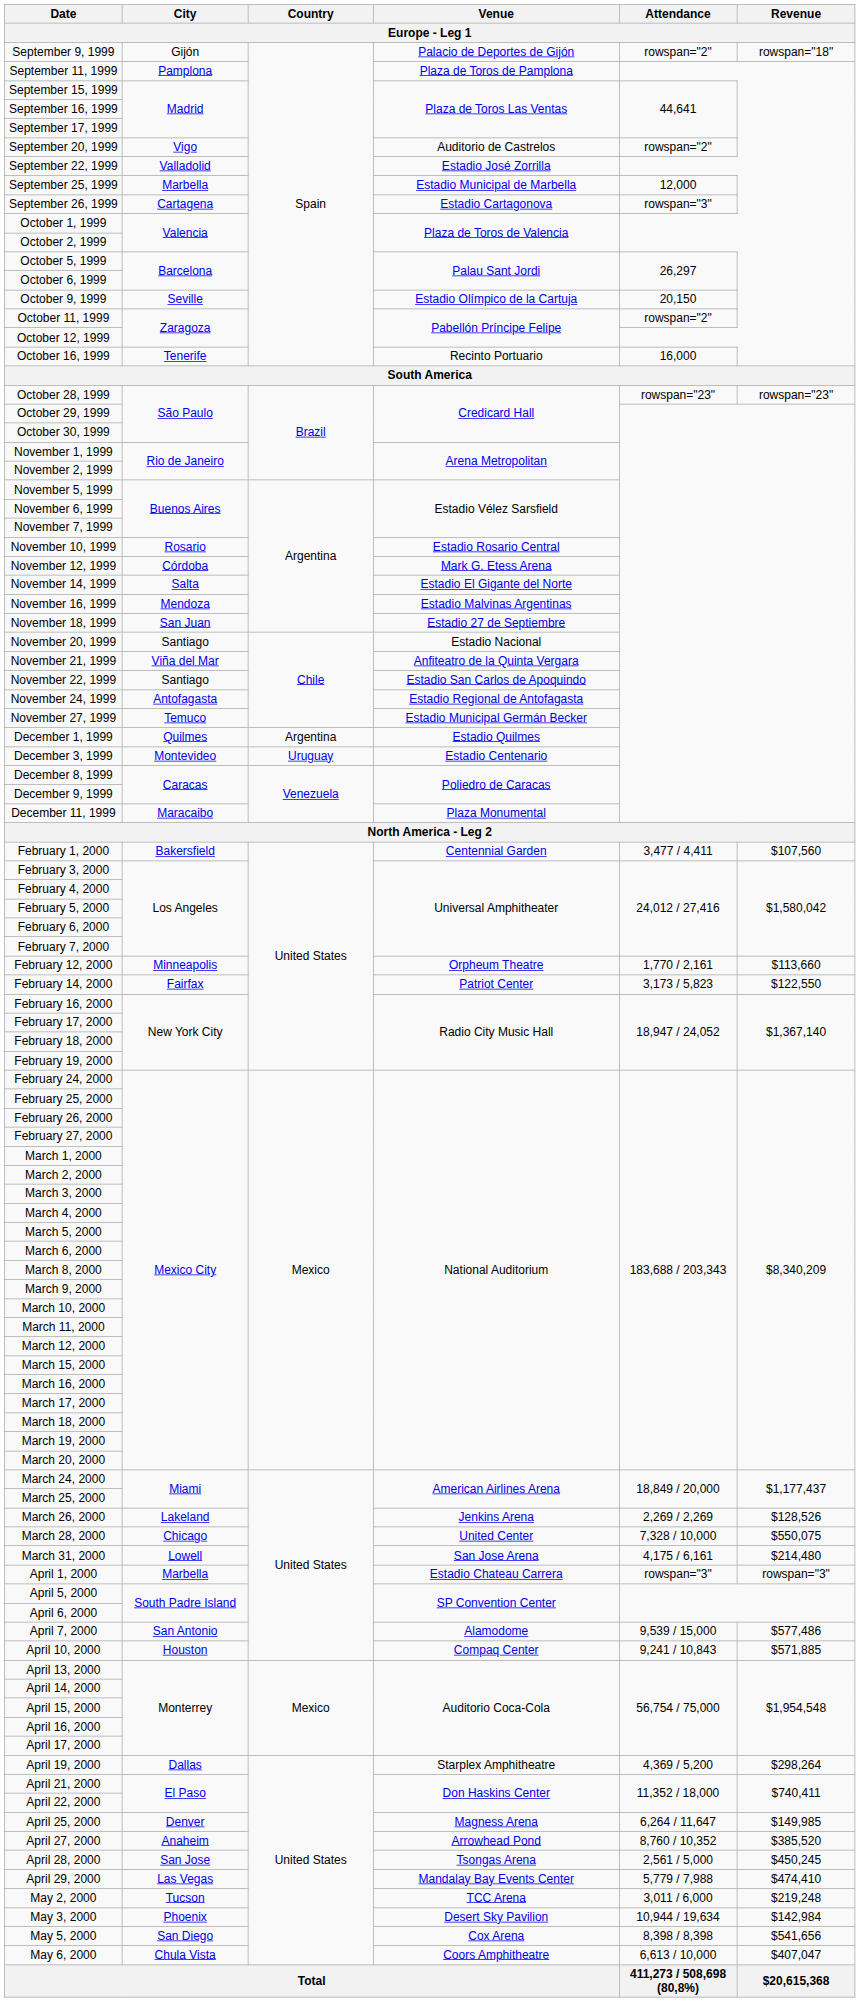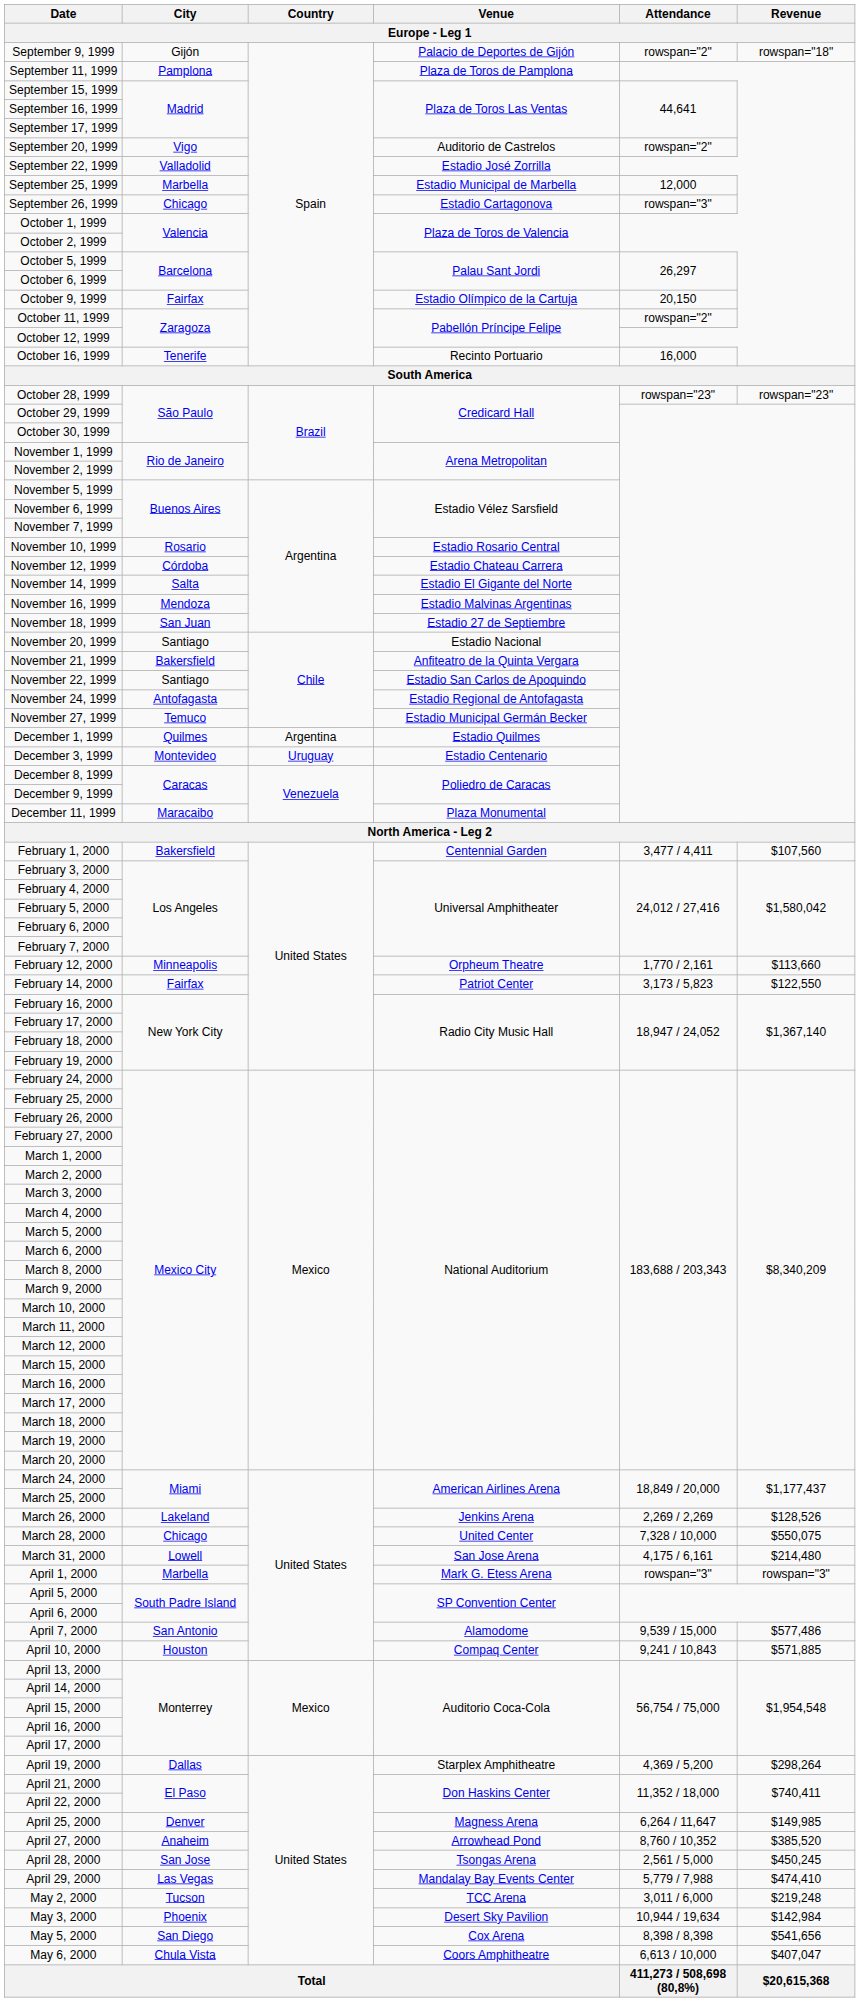 <table class="wikitable plainrowheaders" style="text-align:center;">
 <tr>
 <th width="150">Date</th>
 <th width="160">City</th>
 <th width="160">Country</th>
 <th width="320">Venue</th>
 <th width="150">Attendance</th>
 <th width="150">Revenue</th>
 </tr>
 <tr>
 <th colspan="7">Europe - Leg 1</th>
 </tr>
 <tr>
 <td>September 9, 1999</td>
 <td>Gijón</td>
 <td rowspan="17">Spain</td>
 <td><a href='#'>Palacio de Deportes de Gijón</a></td>
 <td>rowspan="2" </td>
 <td>rowspan="18" </td>
 </tr>
 <tr>
 <td>September 11, 1999</td>
 <td><a href='#'>Pamplona</a></td>
 <td><a href='#'>Plaza de Toros de Pamplona</a></td>
 </tr>
 <tr>
 <td>September 15, 1999</td>
 <td rowspan="3"><a href='#'>Madrid</a></td>
 <td rowspan="3"><a href='#'>Plaza de Toros Las Ventas</a></td>
 <td rowspan="3">44,641</td>
 </tr>
 <tr>
 <td>September 16, 1999</td>
 </tr>
 <tr>
 <td>September 17, 1999</td>
 </tr>
 <tr>
 <td>September 20, 1999</td>
 <td><a href='#'>Vigo</a></td>
 <td>Auditorio de Castrelos</td>
 <td>rowspan="2" </td>
 </tr>
 <tr>
 <td>September 22, 1999</td>
 <td><a href='#'>Valladolid</a></td>
 <td><a href='#'>Estadio José Zorrilla</a></td>
 </tr>
 <tr>
 <td>September 25, 1999</td>
 <td><a href='#'>Marbella</a></td>
 <td><a href='#'>Estadio Municipal de Marbella</a></td>
 <td>12,000</td>
 </tr>
 <tr>
 <td>September 26, 1999</td>
-<td><a href='#'>Cartagena</a></td>
+<td><a href='#'>Chicago</a></td>
 <td><a href='#'>Estadio Cartagonova</a></td>
 <td>rowspan="3" </td>
 </tr>
 <tr>
 <td>October 1, 1999</td>
 <td rowspan="2"><a href='#'>Valencia</a></td>
 <td rowspan="2"><a href='#'>Plaza de Toros de Valencia</a></td>
 </tr>
 <tr>
 <td>October 2, 1999</td>
 </tr>
 <tr>
 <td>October 5, 1999</td>
 <td rowspan="2"><a href='#'>Barcelona</a></td>
 <td rowspan="2"><a href='#'>Palau Sant Jordi</a></td>
 <td rowspan="2">26,297</td>
 </tr>
 <tr>
 <td>October 6, 1999</td>
 </tr>
 <tr>
 <td>October 9, 1999</td>
-<td><a href='#'>Seville</a></td>
+<td><a href='#'>Fairfax</a></td>
 <td><a href='#'>Estadio Olímpico de la Cartuja</a></td>
 <td>20,150</td>
 </tr>
 <tr>
 <td>October 11, 1999</td>
 <td rowspan="2"><a href='#'>Zaragoza</a></td>
 <td rowspan="2"><a href='#'>Pabellón Príncipe Felipe</a></td>
 <td>rowspan="2" </td>
 </tr>
 <tr>
 <td>October 12, 1999</td>
 </tr>
 <tr>
 <td>October 16, 1999</td>
 <td><a href='#'>Tenerife</a></td>
 <td>Recinto Portuario</td>
 <td>16,000</td>
 </tr>
 <tr>
 <th colspan="7">South America</th>
 </tr>
 <tr>
 <td>October 28, 1999</td>
 <td rowspan="3"><a href='#'>São Paulo</a></td>
 <td rowspan="5"><a href='#'>Brazil</a></td>
 <td rowspan="3"><a href='#'>Credicard Hall</a></td>
 <td>rowspan="23" </td>
 <td>rowspan="23" </td>
 </tr>
 <tr>
 <td>October 29, 1999</td>
 </tr>
 <tr>
 <td>October 30, 1999</td>
 </tr>
 <tr>
 <td>November 1, 1999</td>
 <td rowspan="2"><a href='#'>Rio de Janeiro</a></td>
 <td rowspan="2"><a href='#'>Arena Metropolitan</a></td>
 </tr>
 <tr>
 <td>November 2, 1999</td>
 </tr>
 <tr>
 <td>November 5, 1999</td>
 <td rowspan="3"><a href='#'>Buenos Aires</a></td>
 <td rowspan="8">Argentina</td>
 <td rowspan="3">Estadio Vélez Sarsfield</td>
 </tr>
 <tr>
 <td>November 6, 1999</td>
 </tr>
 <tr>
 <td>November 7, 1999</td>
 </tr>
 <tr>
 <td>November 10, 1999</td>
 <td><a href='#'>Rosario</a></td>
 <td><a href='#'>Estadio Rosario Central</a></td>
 </tr>
 <tr>
 <td>November 12, 1999</td>
 <td><a href='#'>Córdoba</a></td>
-<td><a href='#'>Mark G. Etess Arena</a></td>
+<td><a href='#'>Estadio Chateau Carrera</a></td>
 </tr>
 <tr>
 <td>November 14, 1999</td>
 <td><a href='#'>Salta</a></td>
 <td><a href='#'>Estadio El Gigante del Norte</a></td>
 </tr>
 <tr>
 <td>November 16, 1999</td>
 <td><a href='#'>Mendoza</a></td>
 <td><a href='#'>Estadio Malvinas Argentinas</a></td>
 </tr>
 <tr>
 <td>November 18, 1999</td>
 <td><a href='#'>San Juan</a></td>
 <td><a href='#'>Estadio 27 de Septiembre</a></td>
 </tr>
 <tr>
 <td>November 20, 1999</td>
 <td>Santiago</td>
 <td rowspan="5"><a href='#'>Chile</a></td>
 <td>Estadio Nacional</td>
 </tr>
 <tr>
 <td>November 21, 1999</td>
-<td><a href='#'>Viña del Mar</a></td>
+<td><a href='#'>Bakersfield</a></td>
 <td><a href='#'>Anfiteatro de la Quinta Vergara</a></td>
 </tr>
 <tr>
 <td>November 22, 1999</td>
 <td>Santiago</td>
 <td><a href='#'>Estadio San Carlos de Apoquindo</a></td>
 </tr>
 <tr>
 <td>November 24, 1999</td>
 <td><a href='#'>Antofagasta</a></td>
 <td><a href='#'>Estadio Regional de Antofagasta</a></td>
 </tr>
 <tr>
 <td>November 27, 1999</td>
 <td><a href='#'>Temuco</a></td>
 <td><a href='#'>Estadio Municipal Germán Becker</a></td>
 </tr>
 <tr>
 <td>December 1, 1999</td>
 <td><a href='#'>Quilmes</a></td>
 <td>Argentina</td>
 <td><a href='#'>Estadio Quilmes</a></td>
 </tr>
 <tr>
 <td>December 3, 1999</td>
 <td><a href='#'>Montevideo</a></td>
 <td><a href='#'>Uruguay</a></td>
 <td><a href='#'>Estadio Centenario</a></td>
 </tr>
 <tr>
 <td>December 8, 1999</td>
 <td rowspan="2"><a href='#'>Caracas</a></td>
 <td rowspan="3"><a href='#'>Venezuela</a></td>
 <td rowspan="2"><a href='#'>Poliedro de Caracas</a></td>
 </tr>
 <tr>
 <td>December 9, 1999</td>
 </tr>
 <tr>
 <td>December 11, 1999</td>
 <td><a href='#'>Maracaibo</a></td>
 <td><a href='#'>Plaza Monumental</a></td>
 </tr>
 <tr>
 <th colspan="7">North America - Leg 2</th>
 </tr>
 <tr>
 <td>February 1, 2000</td>
 <td><a href='#'>Bakersfield</a></td>
 <td rowspan="12">United States</td>
 <td><a href='#'>Centennial Garden</a></td>
 <td>3,477 / 4,411</td>
 <td>$107,560</td>
 </tr>
 <tr>
 <td>February 3, 2000</td>
 <td rowspan="5">Los Angeles</td>
 <td rowspan="5">Universal Amphitheater</td>
 <td rowspan="5">24,012 / 27,416</td>
 <td rowspan="5">$1,580,042</td>
 </tr>
 <tr>
 <td>February 4, 2000</td>
 </tr>
 <tr>
 <td>February 5, 2000</td>
 </tr>
 <tr>
 <td>February 6, 2000</td>
 </tr>
 <tr>
 <td>February 7, 2000</td>
 </tr>
 <tr>
 <td>February 12, 2000</td>
 <td><a href='#'>Minneapolis</a></td>
 <td><a href='#'>Orpheum Theatre</a></td>
 <td>1,770 / 2,161</td>
 <td>$113,660</td>
 </tr>
 <tr>
 <td>February 14, 2000</td>
 <td><a href='#'>Fairfax</a></td>
 <td><a href='#'>Patriot Center</a></td>
 <td>3,173 / 5,823</td>
 <td>$122,550</td>
 </tr>
 <tr>
 <td>February 16, 2000</td>
 <td rowspan="4">New York City</td>
 <td rowspan="4">Radio City Music Hall</td>
 <td rowspan="4">18,947 / 24,052</td>
 <td rowspan="4">$1,367,140</td>
 </tr>
 <tr>
 <td>February 17, 2000</td>
 </tr>
 <tr>
 <td>February 18, 2000</td>
 </tr>
 <tr>
 <td>February 19, 2000</td>
 </tr>
 <tr>
 <td>February 24, 2000</td>
 <td rowspan="21"><a href='#'>Mexico City</a></td>
 <td rowspan="21">Mexico</td>
 <td rowspan="21">National Auditorium</td>
 <td rowspan="21">183,688 / 203,343</td>
 <td rowspan="21">$8,340,209</td>
 </tr>
 <tr>
 <td>February 25, 2000</td>
 </tr>
 <tr>
 <td>February 26, 2000</td>
 </tr>
 <tr>
 <td>February 27, 2000</td>
 </tr>
 <tr>
 <td>March 1, 2000</td>
 </tr>
 <tr>
 <td>March 2, 2000</td>
 </tr>
 <tr>
 <td>March 3, 2000</td>
 </tr>
 <tr>
 <td>March 4, 2000</td>
 </tr>
 <tr>
 <td>March 5, 2000</td>
 </tr>
 <tr>
 <td>March 6, 2000</td>
 </tr>
 <tr>
 <td>March 8, 2000</td>
 </tr>
 <tr>
 <td>March 9, 2000</td>
 </tr>
 <tr>
 <td>March 10, 2000</td>
 </tr>
 <tr>
 <td>March 11, 2000</td>
 </tr>
 <tr>
 <td>March 12, 2000</td>
 </tr>
 <tr>
 <td>March 15, 2000</td>
 </tr>
 <tr>
 <td>March 16, 2000</td>
 </tr>
 <tr>
 <td>March 17, 2000</td>
 </tr>
 <tr>
 <td>March 18, 2000</td>
 </tr>
 <tr>
 <td>March 19, 2000</td>
 </tr>
 <tr>
 <td>March 20, 2000</td>
 </tr>
 <tr>
 <td>March 24, 2000</td>
 <td rowspan="2"><a href='#'>Miami</a></td>
 <td rowspan="10">United States</td>
 <td rowspan="2"><a href='#'>American Airlines Arena</a></td>
 <td rowspan="2">18,849 / 20,000</td>
 <td rowspan="2">$1,177,437</td>
 </tr>
 <tr>
 <td>March 25, 2000</td>
 </tr>
 <tr>
 <td>March 26, 2000</td>
 <td><a href='#'>Lakeland</a></td>
 <td><a href='#'>Jenkins Arena</a></td>
 <td>2,269 / 2,269</td>
 <td>$128,526</td>
 </tr>
 <tr>
 <td>March 28, 2000</td>
 <td><a href='#'>Chicago</a></td>
 <td><a href='#'>United Center</a></td>
 <td>7,328 / 10,000</td>
 <td>$550,075</td>
 </tr>
 <tr>
 <td>March 31, 2000</td>
 <td><a href='#'>Lowell</a></td>
 <td><a href='#'>San Jose Arena</a></td>
 <td>4,175 / 6,161</td>
 <td>$214,480</td>
 </tr>
 <tr>
 <td>April 1, 2000</td>
 <td><a href='#'>Marbella</a></td>
-<td><a href='#'>Estadio Chateau Carrera</a></td>
+<td><a href='#'>Mark G. Etess Arena</a></td>
 <td>rowspan="3" </td>
 <td>rowspan="3" </td>
 </tr>
 <tr>
 <td>April 5, 2000</td>
 <td rowspan="2"><a href='#'>South Padre Island</a></td>
 <td rowspan="2"><a href='#'>SP Convention Center</a></td>
 </tr>
 <tr>
 <td>April 6, 2000</td>
 </tr>
 <tr>
 <td>April 7, 2000</td>
 <td><a href='#'>San Antonio</a></td>
 <td><a href='#'>Alamodome</a></td>
 <td>9,539 / 15,000</td>
 <td>$577,486</td>
 </tr>
 <tr>
 <td>April 10, 2000</td>
 <td><a href='#'>Houston</a></td>
 <td><a href='#'>Compaq Center</a></td>
 <td>9,241 / 10,843</td>
 <td>$571,885</td>
 </tr>
 <tr>
 <td>April 13, 2000</td>
 <td rowspan="5">Monterrey</td>
 <td rowspan="5">Mexico</td>
 <td rowspan="5">Auditorio Coca-Cola</td>
 <td rowspan="5">56,754 / 75,000</td>
 <td rowspan="5">$1,954,548</td>
 </tr>
 <tr>
 <td>April 14, 2000</td>
 </tr>
 <tr>
 <td>April 15, 2000</td>
 </tr>
 <tr>
 <td>April 16, 2000</td>
 </tr>
 <tr>
 <td>April 17, 2000</td>
 </tr>
 <tr>
 <td>April 19, 2000</td>
 <td><a href='#'>Dallas</a></td>
 <td rowspan="11">United States</td>
 <td>Starplex Amphitheatre</td>
 <td>4,369 / 5,200</td>
 <td>$298,264</td>
 </tr>
 <tr>
 <td>April 21, 2000</td>
 <td rowspan="2"><a href='#'>El Paso</a></td>
 <td rowspan="2"><a href='#'>Don Haskins Center</a></td>
 <td rowspan="2">11,352 / 18,000</td>
 <td rowspan="2">$740,411</td>
 </tr>
 <tr>
 <td>April 22, 2000</td>
 </tr>
 <tr>
 <td>April 25, 2000</td>
 <td><a href='#'>Denver</a></td>
 <td><a href='#'>Magness Arena</a></td>
 <td>6,264 / 11,647</td>
 <td>$149,985</td>
 </tr>
 <tr>
 <td>April 27, 2000</td>
 <td><a href='#'>Anaheim</a></td>
 <td><a href='#'>Arrowhead Pond</a></td>
 <td>8,760 / 10,352</td>
 <td>$385,520</td>
 </tr>
 <tr>
 <td>April 28, 2000</td>
 <td><a href='#'>San Jose</a></td>
 <td><a href='#'>Tsongas Arena</a></td>
 <td>2,561 / 5,000</td>
 <td>$450,245</td>
 </tr>
 <tr>
 <td>April 29, 2000</td>
 <td><a href='#'>Las Vegas</a></td>
 <td><a href='#'>Mandalay Bay Events Center</a></td>
 <td>5,779 / 7,988</td>
 <td>$474,410</td>
 </tr>
 <tr>
 <td>May 2, 2000</td>
 <td><a href='#'>Tucson</a></td>
 <td><a href='#'>TCC Arena</a></td>
 <td>3,011 / 6,000</td>
 <td>$219,248</td>
 </tr>
 <tr>
 <td>May 3, 2000</td>
 <td><a href='#'>Phoenix</a></td>
 <td><a href='#'>Desert Sky Pavilion</a></td>
 <td>10,944 / 19,634</td>
 <td>$142,984</td>
 </tr>
 <tr>
 <td>May 5, 2000</td>
 <td><a href='#'>San Diego</a></td>
 <td><a href='#'>Cox Arena</a></td>
 <td>8,398 / 8,398</td>
 <td>$541,656</td>
 </tr>
 <tr>
 <td>May 6, 2000</td>
 <td><a href='#'>Chula Vista</a></td>
 <td><a href='#'>Coors Amphitheatre</a></td>
 <td>6,613 / 10,000</td>
 <td>$407,047</td>
 </tr>
 <tr>
 <th colspan="4">Total</th>
 <th>411,273 / 508,698 (80,8%)</th>
 <th>$20,615,368</th>
 </tr>
 </table>
